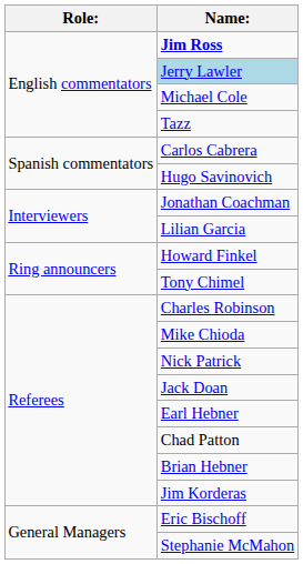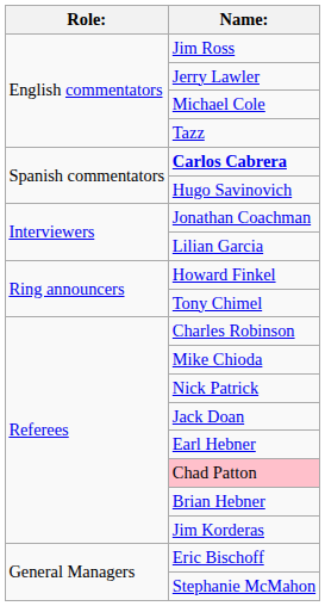 <table class=wikitable style="font-size:90%; margin: 0.5em 0 0.5em 1em; float: right; clear: right;">
 <tr>
 <th>Role:</th>
 <th>Name:</th>
 </tr>
 <tr>
 <td rowspan=4>English <a href='#'>commentators</a></td>
-<td><strong><a href='#'>Jim Ross</a> </strong></td>
+<td><a href='#'>Jim Ross</a> </td>
 </tr>
 <tr>
-<td style="background: lightblue;"><a href='#'>Jerry Lawler</a> </td>
+<td><a href='#'>Jerry Lawler</a> </td>
 </tr>
 <tr>
 <td><a href='#'>Michael Cole</a> </td>
 </tr>
 <tr>
 <td><a href='#'>Tazz</a> </td>
 </tr>
 <tr>
 <td rowspan=2>Spanish commentators</td>
-<td><a href='#'>Carlos Cabrera</a></td>
+<td><strong><a href='#'>Carlos Cabrera</a></strong></td>
 </tr>
 <tr>
 <td><a href='#'>Hugo Savinovich</a></td>
 </tr>
 <tr>
 <td rowspan=2><a href='#'>Interviewers</a></td>
 <td><a href='#'>Jonathan Coachman</a></td>
 </tr>
 <tr>
 <td><a href='#'>Lilian Garcia</a></td>
 </tr>
 <tr>
 <td rowspan=2><a href='#'>Ring announcers</a></td>
 <td><a href='#'>Howard Finkel</a> </td>
 </tr>
 <tr>
 <td><a href='#'>Tony Chimel</a> </td>
 </tr>
 <tr>
 <td rowspan=8><a href='#'>Referees</a></td>
 <td><a href='#'>Charles Robinson</a></td>
 </tr>
 <tr>
 <td><a href='#'>Mike Chioda</a></td>
 </tr>
 <tr>
 <td><a href='#'>Nick Patrick</a></td>
 </tr>
 <tr>
 <td><a href='#'>Jack Doan</a></td>
 </tr>
 <tr>
 <td><a href='#'>Earl Hebner</a></td>
 </tr>
 <tr>
-<td>Chad Patton</td>
+<td style="background: pink;">Chad Patton</td>
 </tr>
 <tr>
 <td><a href='#'>Brian Hebner</a></td>
 </tr>
 <tr>
 <td><a href='#'>Jim Korderas</a></td>
 </tr>
 <tr>
 <td rowspan=2>General Managers</td>
 <td><a href='#'>Eric Bischoff</a> </td>
 </tr>
 <tr>
 <td><a href='#'>Stephanie McMahon</a> </td>
 </tr>
 </table>
